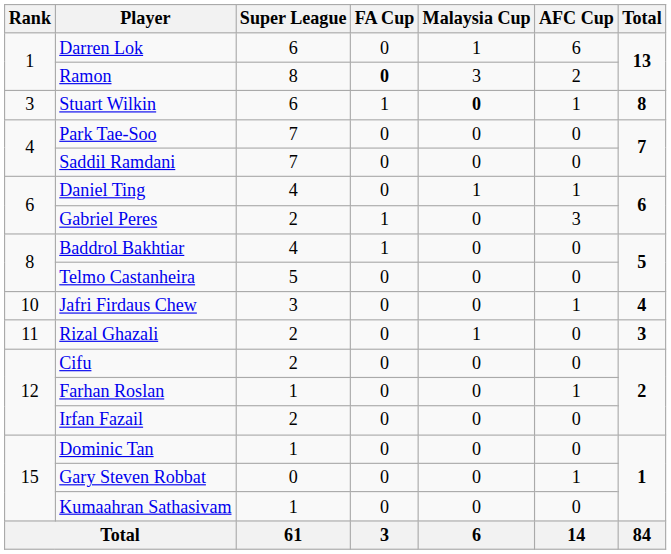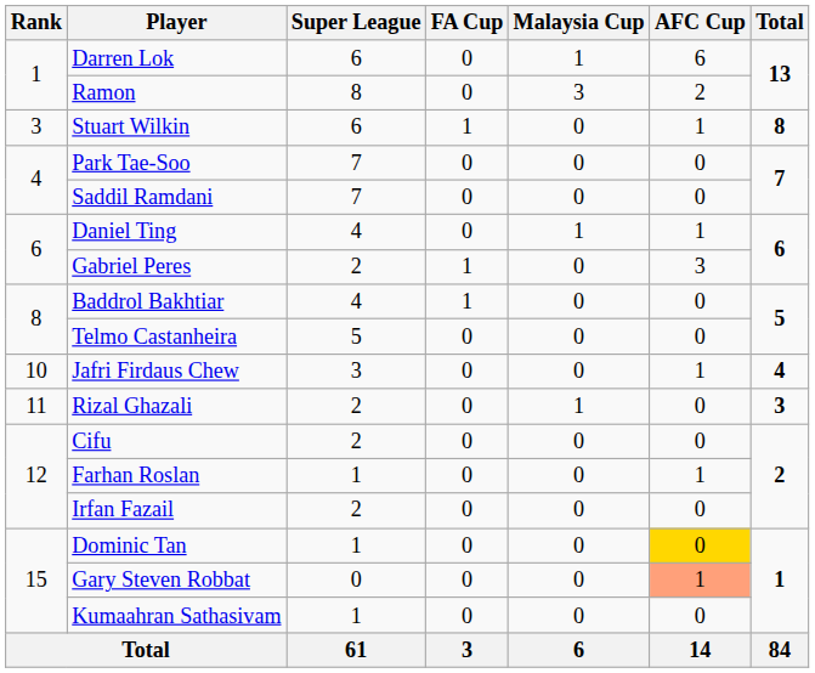 <table class="wikitable" style="text-align:center;">
 <tr>
 <th>Rank</th>
 <th>Player</th>
 <th>Super League</th>
 <th>FA Cup</th>
 <th>Malaysia Cup</th>
 <th>AFC Cup</th>
 <th>Total</th>
 </tr>
 <tr>
 <td rowspan=2>1</td>
 <td align=left> <a href='#'>Darren Lok</a></td>
 <td>6</td>
 <td>0</td>
 <td>1</td>
 <td>6</td>
 <td rowspan=2><strong>13</strong></td>
 </tr>
 <tr>
 <td align=left> <a href='#'>Ramon</a></td>
 <td>8</td>
-<td><strong>0</strong></td>
+<td>0</td>
 <td>3</td>
 <td>2</td>
 </tr>
 <tr>
 <td>3</td>
 <td align=left> <a href='#'>Stuart Wilkin</a></td>
 <td>6</td>
 <td>1</td>
-<td><strong>0</strong></td>
+<td>0</td>
 <td>1</td>
 <td><strong>8</strong></td>
 </tr>
 <tr>
 <td rowspan=2>4</td>
 <td align=left> <a href='#'>Park Tae-Soo</a></td>
 <td>7</td>
 <td>0</td>
 <td>0</td>
 <td>0</td>
 <td rowspan=2><strong>7</strong></td>
 </tr>
 <tr>
 <td align=left> <a href='#'>Saddil Ramdani</a></td>
 <td>7</td>
 <td>0</td>
 <td>0</td>
 <td>0</td>
 </tr>
 <tr>
 <td rowspan=2>6</td>
 <td align=left> <a href='#'>Daniel Ting</a></td>
 <td>4</td>
 <td>0</td>
 <td>1</td>
 <td>1</td>
 <td rowspan=2><strong>6</strong></td>
 </tr>
 <tr>
 <td align=left> <a href='#'>Gabriel Peres</a></td>
 <td>2</td>
 <td>1</td>
 <td>0</td>
 <td>3</td>
 </tr>
 <tr>
 <td rowspan=2>8</td>
 <td align=left> <a href='#'>Baddrol Bakhtiar</a></td>
 <td>4</td>
 <td>1</td>
 <td>0</td>
 <td>0</td>
 <td rowspan=2><strong>5</strong></td>
 </tr>
 <tr>
 <td align=left> <a href='#'>Telmo Castanheira</a></td>
 <td>5</td>
 <td>0</td>
 <td>0</td>
 <td>0</td>
 </tr>
 <tr>
 <td>10</td>
 <td align=left> <a href='#'>Jafri Firdaus Chew</a></td>
 <td>3</td>
 <td>0</td>
 <td>0</td>
 <td>1</td>
 <td><strong>4</strong></td>
 </tr>
 <tr>
 <td>11</td>
 <td align=left> <a href='#'>Rizal Ghazali</a></td>
 <td>2</td>
 <td>0</td>
 <td>1</td>
 <td>0</td>
 <td><strong>3</strong></td>
 </tr>
 <tr>
 <td rowspan=3>12</td>
 <td align=left> <a href='#'>Cifu</a></td>
 <td>2</td>
 <td>0</td>
 <td>0</td>
 <td>0</td>
 <td rowspan=3><strong>2</strong></td>
 </tr>
 <tr>
 <td align=left> <a href='#'>Farhan Roslan</a></td>
 <td>1</td>
 <td>0</td>
 <td>0</td>
 <td>1</td>
 </tr>
 <tr>
 <td align=left> <a href='#'>Irfan Fazail</a></td>
 <td>2</td>
 <td>0</td>
 <td>0</td>
 <td>0</td>
 </tr>
 <tr>
 <td rowspan=3>15</td>
 <td align=left> <a href='#'>Dominic Tan</a></td>
 <td>1</td>
 <td>0</td>
 <td>0</td>
-<td>0</td>
+<td style="background: gold;">0</td>
 <td rowspan=3><strong>1</strong></td>
 </tr>
 <tr>
 <td align=left> <a href='#'>Gary Steven Robbat</a></td>
 <td>0</td>
 <td>0</td>
 <td>0</td>
-<td>1</td>
+<td style="background: lightsalmon;">1</td>
 </tr>
 <tr>
 <td align=left> <a href='#'>Kumaahran Sathasivam</a></td>
 <td>1</td>
 <td>0</td>
 <td>0</td>
 <td>0</td>
 </tr>
 <tr>
 <th colspan=2>Total</th>
 <th>61</th>
 <th>3</th>
 <th>6</th>
 <th>14</th>
 <th>84</th>
 </tr>
 </table>
